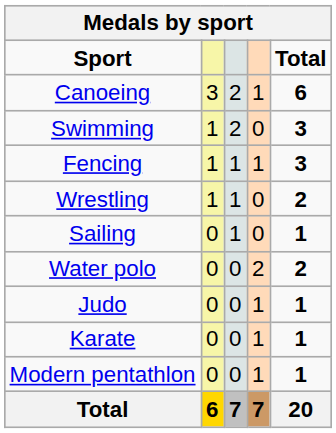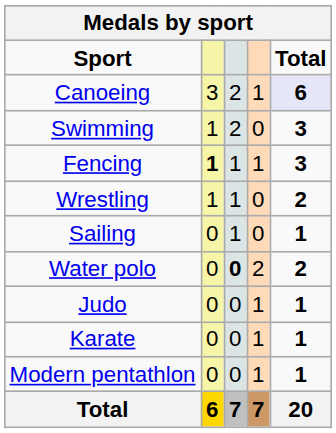 <table class="wikitable" style="font-size:85%; float:right;">
 <tr style="background:#efefef;">
 <th colspan=7>Medals by sport</th>
 </tr>
 <tr align=center>
 <td><strong>Sport</strong></td>
 <td bgcolor=#f7f6a8></td>
 <td bgcolor=#dce5e5></td>
 <td bgcolor=#ffdab9></td>
 <td><strong>Total</strong></td>
 </tr>
 <tr align=center>
 <td><a href='#'>Canoeing</a></td>
 <td style="background:#F7F6A8;">3</td>
 <td style="background:#DCE5E5;">2</td>
 <td style="background:#FFDAB9;">1</td>
-<td><strong>6</strong></td>
+<td style="background: lavender;"><strong>6</strong></td>
 </tr>
 <tr align=center>
 <td><a href='#'>Swimming</a></td>
 <td style="background:#F7F6A8;">1</td>
 <td style="background:#DCE5E5;">2</td>
 <td style="background:#FFDAB9;">0</td>
 <td><strong>3</strong></td>
 </tr>
 <tr align=center>
 <td><a href='#'>Fencing</a></td>
-<td style="background:#F7F6A8;">1</td>
+<td style="background:#F7F6A8;"><strong>1</strong></td>
 <td style="background:#DCE5E5;">1</td>
 <td style="background:#FFDAB9;">1</td>
 <td><strong>3</strong></td>
 </tr>
 <tr align=center>
 <td><a href='#'>Wrestling</a></td>
 <td style="background:#F7F6A8;">1</td>
 <td style="background:#DCE5E5;">1</td>
 <td style="background:#FFDAB9;">0</td>
 <td><strong>2</strong></td>
 </tr>
 <tr align=center>
 <td><a href='#'>Sailing</a></td>
 <td style="background:#F7F6A8;">0</td>
 <td style="background:#DCE5E5;">1</td>
 <td style="background:#FFDAB9;">0</td>
 <td><strong>1</strong></td>
 </tr>
 <tr align=center>
 <td><a href='#'>Water polo</a></td>
 <td style="background:#F7F6A8;">0</td>
-<td style="background:#DCE5E5;">0</td>
+<td style="background:#DCE5E5;"><strong>0</strong></td>
 <td style="background:#FFDAB9;">2</td>
 <td><strong>2</strong></td>
 </tr>
 <tr align=center>
 <td><a href='#'>Judo</a></td>
 <td style="background:#F7F6A8;">0</td>
 <td style="background:#DCE5E5;">0</td>
 <td style="background:#FFDAB9;">1</td>
 <td><strong>1</strong></td>
 </tr>
 <tr align=center>
 <td><a href='#'>Karate</a></td>
 <td style="background:#F7F6A8;">0</td>
 <td style="background:#DCE5E5;">0</td>
 <td style="background:#FFDAB9;">1</td>
 <td><strong>1</strong></td>
 </tr>
 <tr align=center>
 <td><a href='#'>Modern pentathlon</a></td>
 <td style="background:#F7F6A8;">0</td>
 <td style="background:#DCE5E5;">0</td>
 <td style="background:#FFDAB9;">1</td>
 <td><strong>1</strong></td>
 </tr>
 <tr align=center>
 <th>Total</th>
 <th style="background:gold;">6</th>
 <th style="background:silver;">7</th>
 <th style="background:#c96;">7</th>
 <th>20</th>
 </tr>
 </table>
